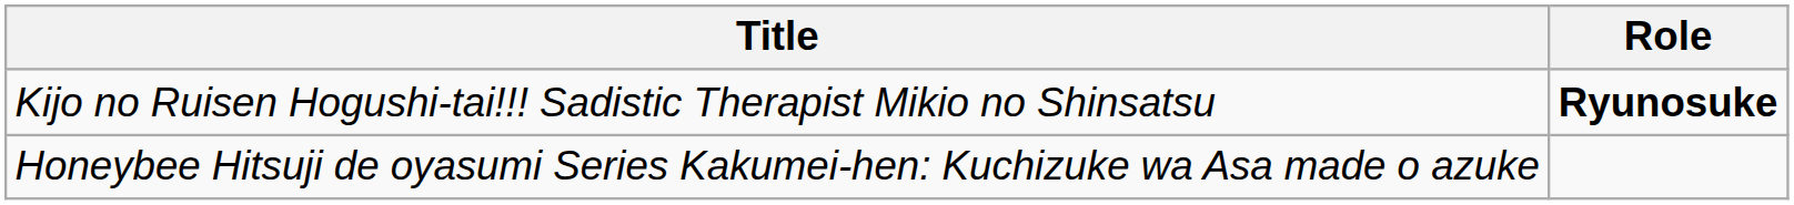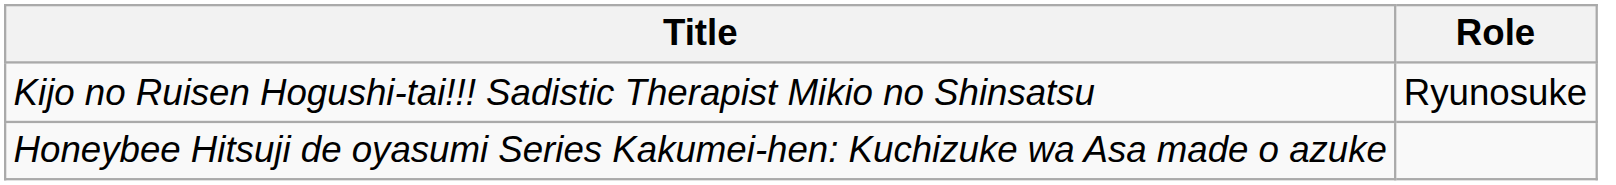 <table class="wikitable">
 <tr>
 <th>Title</th>
 <th>Role</th>
 </tr>
 <tr>
 <td><em>Kijo no Ruisen Hogushi-tai!!! Sadistic Therapist Mikio no Shinsatsu</em></td>
-<td><strong>Ryunosuke</strong></td>
+<td>Ryunosuke</td>
 </tr>
 <tr>
 <td><em>Honeybee Hitsuji de oyasumi Series Kakumei-hen: Kuchizuke wa Asa made o azuke</em></td>
 <td></td>
 </tr>
 </table>
